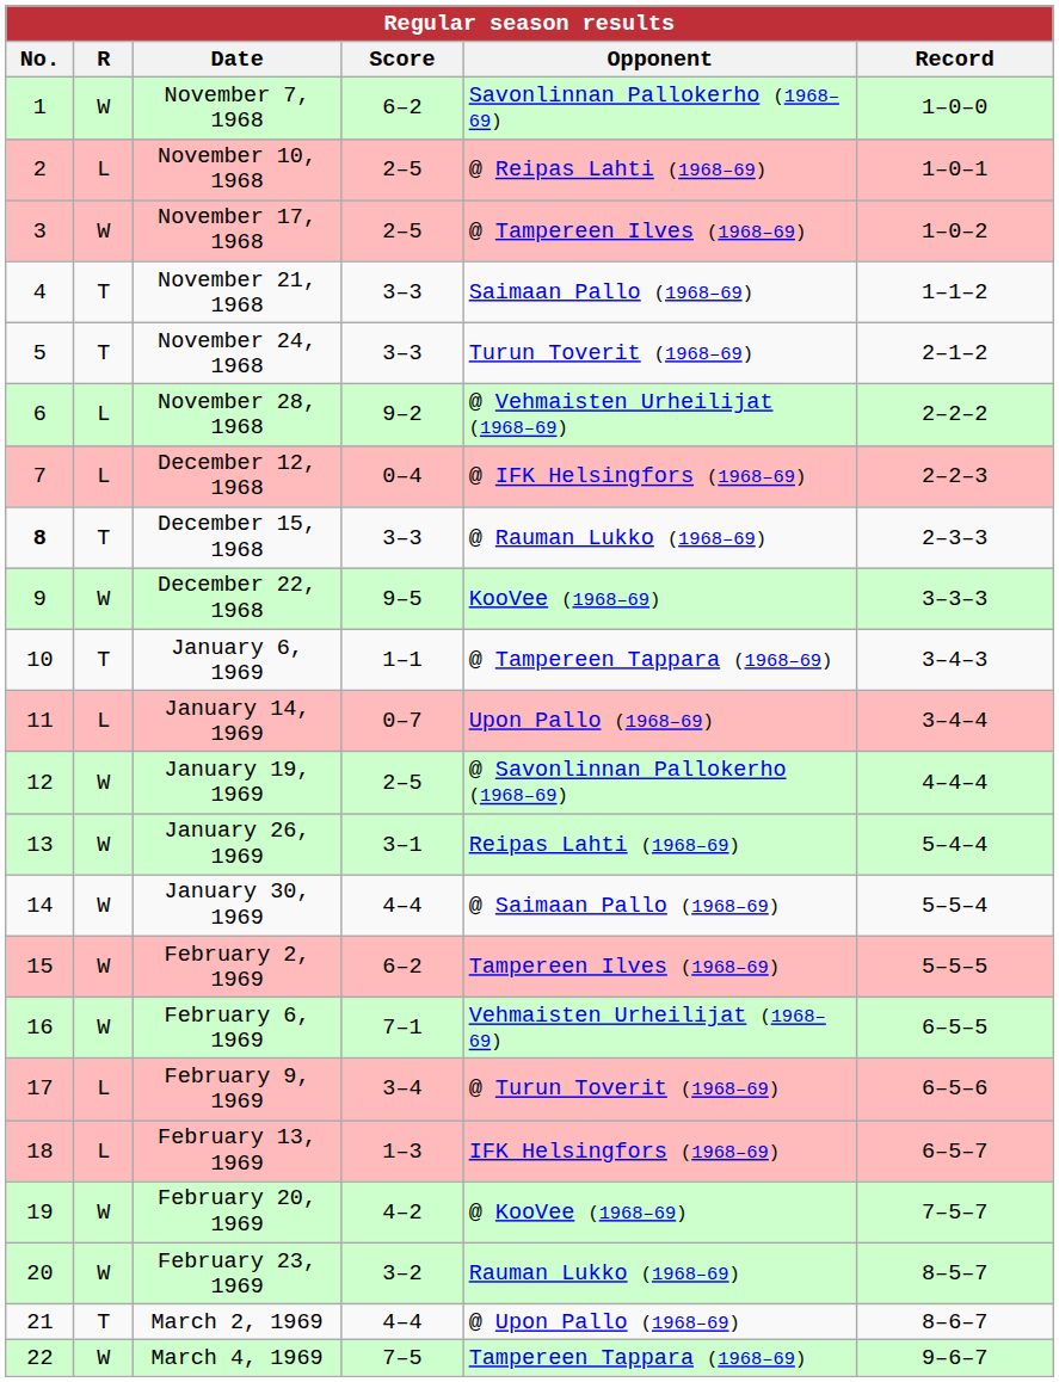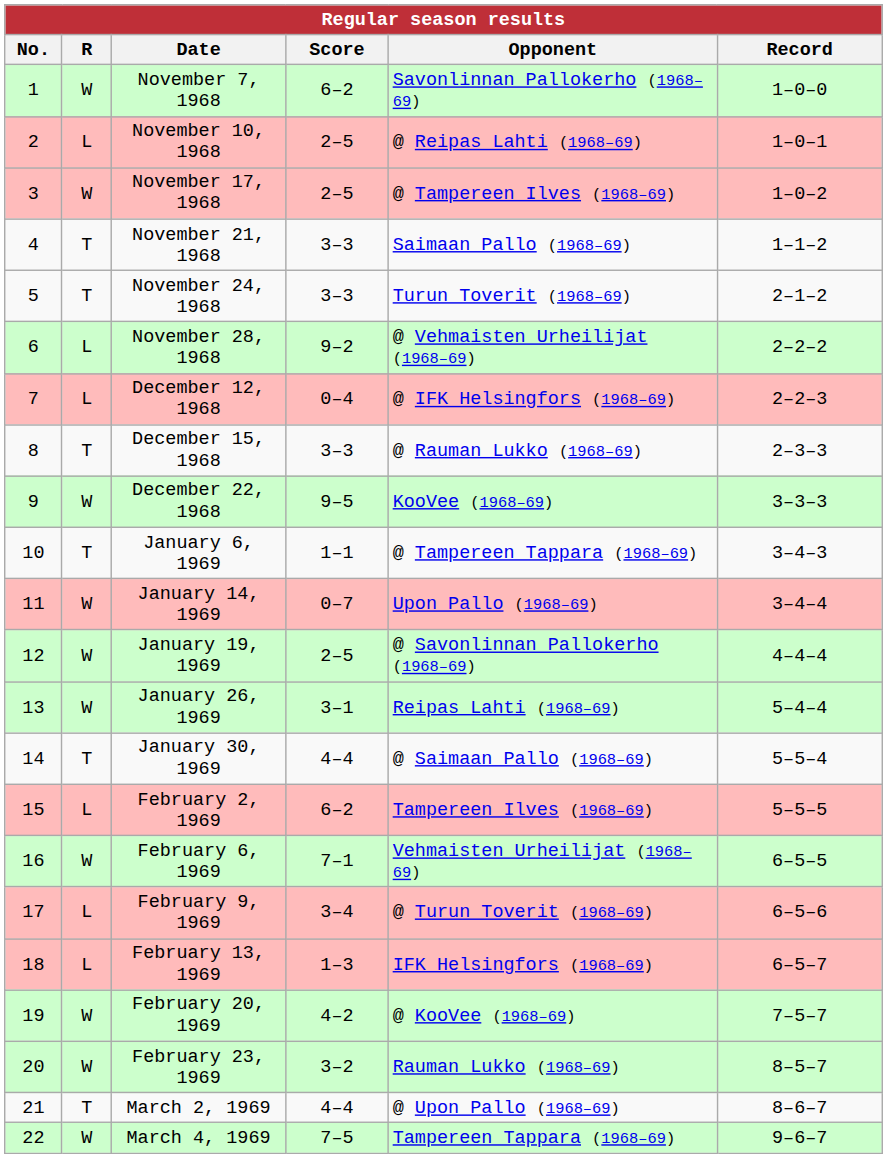 <table class="wikitable mw-collapsible mw-collapsed collapsible autocollapse" style="width:70%;">
 <tr>
 <th colspan="6" style="background:#bf2f38; color:#fff;">Regular season results</th>
 </tr>
 <tr>
 <th style="width:2%;">No.</th>
 <th style="width:3%;">R</th>
 <th style="width:10%;">Date</th>
 <th style="width:5%;">Score</th>
 <th style="width:20%;">Opponent</th>
 <th style="width:10%;">Record</th>
 </tr>
 <tr style="text-align:center; background:#cfc;">
 <td>1</td>
 <td>W</td>
 <td>November 7, 1968</td>
 <td>6–2</td>
 <td style="text-align:left;"><a href='#'>Savonlinnan Pallokerho</a> <small>(<a href='#'>1968–69</a>)</small></td>
 <td>1–0–0</td>
 </tr>
 <tr style="text-align:center; background:#fbb;">
 <td>2</td>
 <td>L</td>
 <td>November 10, 1968</td>
 <td>2–5</td>
 <td style="text-align:left;">@ <a href='#'>Reipas Lahti</a> <small>(<a href='#'>1968–69</a>)</small></td>
 <td>1–0–1</td>
 </tr>
 <tr style="text-align:center; background:#fbb;">
 <td>3</td>
 <td>W</td>
 <td>November 17, 1968</td>
 <td>2–5</td>
 <td style="text-align:left;">@ <a href='#'>Tampereen Ilves</a> <small>(<a href='#'>1968–69</a>)</small></td>
 <td>1–0–2</td>
 </tr>
 <tr style="text-align:center;">
 <td>4</td>
 <td>T</td>
 <td>November 21, 1968</td>
 <td>3–3</td>
 <td style="text-align:left;"><a href='#'>Saimaan Pallo</a> <small>(<a href='#'>1968–69</a>)</small></td>
 <td>1–1–2</td>
 </tr>
 <tr style="text-align:center;">
 <td>5</td>
 <td>T</td>
 <td>November 24, 1968</td>
 <td>3–3</td>
 <td style="text-align:left;"><a href='#'>Turun Toverit</a> <small>(<a href='#'>1968–69</a>)</small></td>
 <td>2–1–2</td>
 </tr>
 <tr style="text-align:center; background:#cfc;">
 <td>6</td>
 <td>L</td>
 <td>November 28, 1968</td>
 <td>9–2</td>
 <td style="text-align:left;">@ <a href='#'>Vehmaisten Urheilijat</a> <small>(<a href='#'>1968–69</a>)</small></td>
 <td>2–2–2</td>
 </tr>
 <tr style="text-align:center; background:#fbb;">
 <td>7</td>
 <td>L</td>
 <td>December 12, 1968</td>
 <td>0–4</td>
 <td style="text-align:left;">@ <a href='#'>IFK Helsingfors</a> <small>(<a href='#'>1968–69</a>)</small></td>
 <td>2–2–3</td>
 </tr>
 <tr style="text-align:center;">
-<td><strong>8</strong></td>
+<td>8</td>
 <td>T</td>
 <td>December 15, 1968</td>
 <td>3–3</td>
 <td style="text-align:left;">@ <a href='#'>Rauman Lukko</a> <small>(<a href='#'>1968–69</a>)</small></td>
 <td>2–3–3</td>
 </tr>
 <tr style="text-align:center; background:#cfc;">
 <td>9</td>
 <td>W</td>
 <td>December 22, 1968</td>
 <td>9–5</td>
 <td style="text-align:left;"><a href='#'>KooVee</a> <small>(<a href='#'>1968–69</a>)</small></td>
 <td>3–3–3</td>
 </tr>
 <tr style="text-align:center;">
 <td>10</td>
 <td>T</td>
 <td>January 6, 1969</td>
 <td>1–1</td>
 <td style="text-align:left;">@ <a href='#'>Tampereen Tappara</a> <small>(<a href='#'>1968–69</a>)</small></td>
 <td>3–4–3</td>
 </tr>
 <tr style="text-align:center; background:#fbb;">
 <td>11</td>
-<td>L</td>
+<td>W</td>
 <td>January 14, 1969</td>
 <td>0–7</td>
 <td style="text-align:left;"><a href='#'>Upon Pallo</a> <small>(<a href='#'>1968–69</a>)</small></td>
 <td>3–4–4</td>
 </tr>
 <tr style="text-align:center; background:#cfc;">
 <td>12</td>
 <td>W</td>
 <td>January 19, 1969</td>
 <td>2–5</td>
 <td style="text-align:left;">@ <a href='#'>Savonlinnan Pallokerho</a> <small>(<a href='#'>1968–69</a>)</small></td>
 <td>4–4–4</td>
 </tr>
 <tr style="text-align:center; background:#cfc;">
 <td>13</td>
 <td>W</td>
 <td>January 26, 1969</td>
 <td>3–1</td>
 <td style="text-align:left;"><a href='#'>Reipas Lahti</a> <small>(<a href='#'>1968–69</a>)</small></td>
 <td>5–4–4</td>
 </tr>
 <tr style="text-align:center;">
 <td>14</td>
-<td>W</td>
+<td>T</td>
 <td>January 30, 1969</td>
 <td>4–4</td>
 <td style="text-align:left;">@ <a href='#'>Saimaan Pallo</a> <small>(<a href='#'>1968–69</a>)</small></td>
 <td>5–5–4</td>
 </tr>
 <tr style="text-align:center; background:#fbb;">
 <td>15</td>
-<td>W</td>
+<td>L</td>
 <td>February 2, 1969</td>
 <td>6–2</td>
 <td style="text-align:left;"><a href='#'>Tampereen Ilves</a> <small>(<a href='#'>1968–69</a>)</small></td>
 <td>5–5–5</td>
 </tr>
 <tr style="text-align:center; background:#cfc;">
 <td>16</td>
 <td>W</td>
 <td>February 6, 1969</td>
 <td>7–1</td>
 <td style="text-align:left;"><a href='#'>Vehmaisten Urheilijat</a> <small>(<a href='#'>1968–69</a>)</small></td>
 <td>6–5–5</td>
 </tr>
 <tr style="text-align:center; background:#fbb;">
 <td>17</td>
 <td>L</td>
 <td>February 9, 1969</td>
 <td>3–4</td>
 <td style="text-align:left;">@ <a href='#'>Turun Toverit</a> <small>(<a href='#'>1968–69</a>)</small></td>
 <td>6–5–6</td>
 </tr>
 <tr style="text-align:center; background:#fbb;">
 <td>18</td>
 <td>L</td>
 <td>February 13, 1969</td>
 <td>1–3</td>
 <td style="text-align:left;"><a href='#'>IFK Helsingfors</a> <small>(<a href='#'>1968–69</a>)</small></td>
 <td>6–5–7</td>
 </tr>
 <tr style="text-align:center; background:#cfc;">
 <td>19</td>
 <td>W</td>
 <td>February 20, 1969</td>
 <td>4–2</td>
 <td style="text-align:left;">@ <a href='#'>KooVee</a> <small>(<a href='#'>1968–69</a>)</small></td>
 <td>7–5–7</td>
 </tr>
 <tr style="text-align:center; background:#cfc;">
 <td>20</td>
 <td>W</td>
 <td>February 23, 1969</td>
 <td>3–2</td>
 <td style="text-align:left;"><a href='#'>Rauman Lukko</a> <small>(<a href='#'>1968–69</a>)</small></td>
 <td>8–5–7</td>
 </tr>
 <tr style="text-align:center;">
 <td>21</td>
 <td>T</td>
 <td>March 2, 1969</td>
 <td>4–4</td>
 <td style="text-align:left;">@ <a href='#'>Upon Pallo</a> <small>(<a href='#'>1968–69</a>)</small></td>
 <td>8–6–7</td>
 </tr>
 <tr style="text-align:center; background:#cfc;">
 <td>22</td>
 <td>W</td>
 <td>March 4, 1969</td>
 <td>7–5</td>
 <td style="text-align:left;"><a href='#'>Tampereen Tappara</a> <small>(<a href='#'>1968–69</a>)</small></td>
 <td>9–6–7</td>
 </tr>
 </table>
